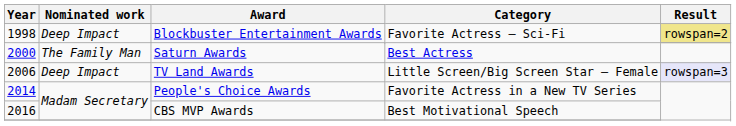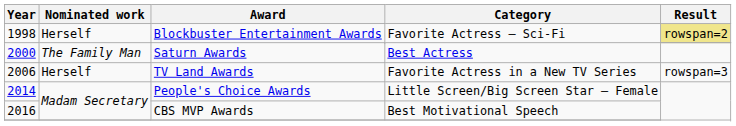 <table class="wikitable sortable">
 <tr>
 <th>Year</th>
 <th>Nominated work</th>
 <th>Award</th>
 <th>Category</th>
 <th>Result</th>
 </tr>
 <tr>
 <td>1998</td>
-<td><em>Deep Impact</em></td>
+<td>Herself</td>
 <td rowspan=2><a href='#'>Blockbuster Entertainment Awards</a></td>
 <td rowspan=2>Favorite Actress – Sci-Fi</td>
 <td style="background: khaki;">rowspan=2 </td>
 </tr>
 <tr>
 <td rowspan=2><a href='#'>2000</a></td>
 <td rowspan=2><em>The Family Man</em></td>
 </tr>
 <tr>
 <td><a href='#'>Saturn Awards</a></td>
 <td><a href='#'>Best Actress</a></td>
 <td></td>
 </tr>
 <tr>
 <td>2006</td>
-<td><em>Deep Impact</em></td>
+<td>Herself</td>
 <td><a href='#'>TV Land Awards</a></td>
-<td>Little Screen/Big Screen Star – Female</td>
-<td style="background: lavender;">rowspan=3 </td>
+<td>Favorite Actress in a New TV Series</td>
+<td>rowspan=3 </td>
 </tr>
 <tr>
 <td><a href='#'>2014</a></td>
 <td rowspan=2><em>Madam Secretary</em></td>
 <td><a href='#'>People's Choice Awards</a></td>
-<td>Favorite Actress in a New TV Series</td>
+<td>Little Screen/Big Screen Star – Female</td>
 </tr>
 <tr>
 <td>2016</td>
 <td>CBS MVP Awards</td>
 <td>Best Motivational Speech</td>
 </tr>
 <tr>
 </tr>
 </table>
